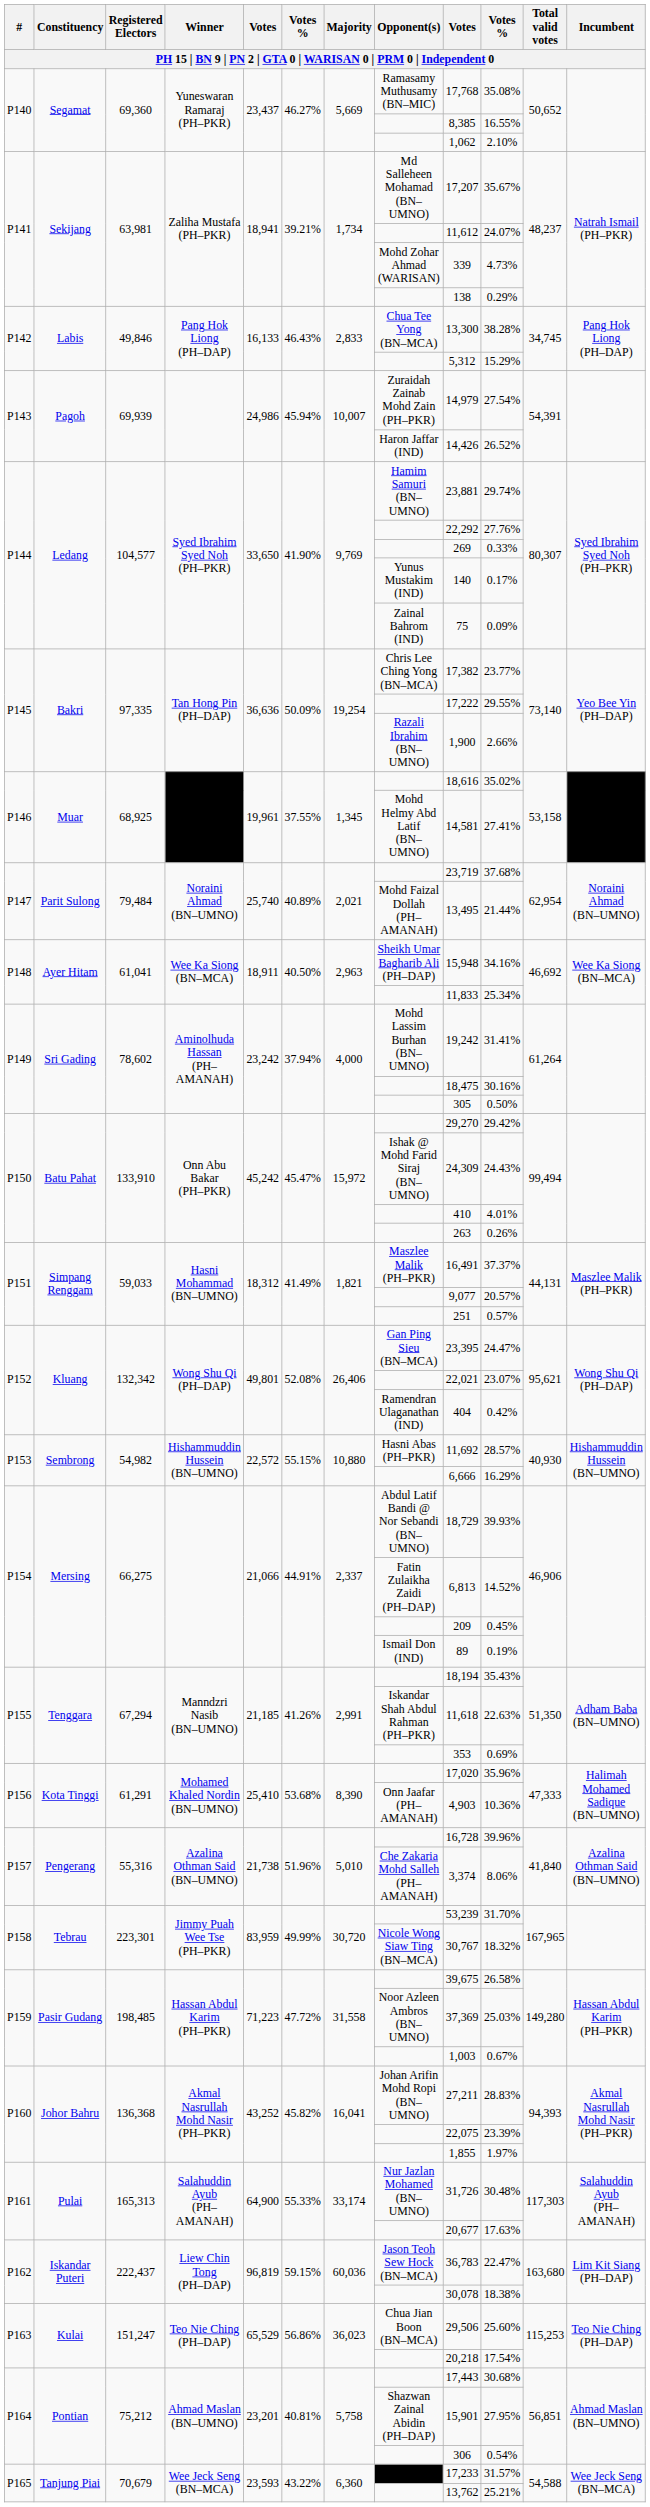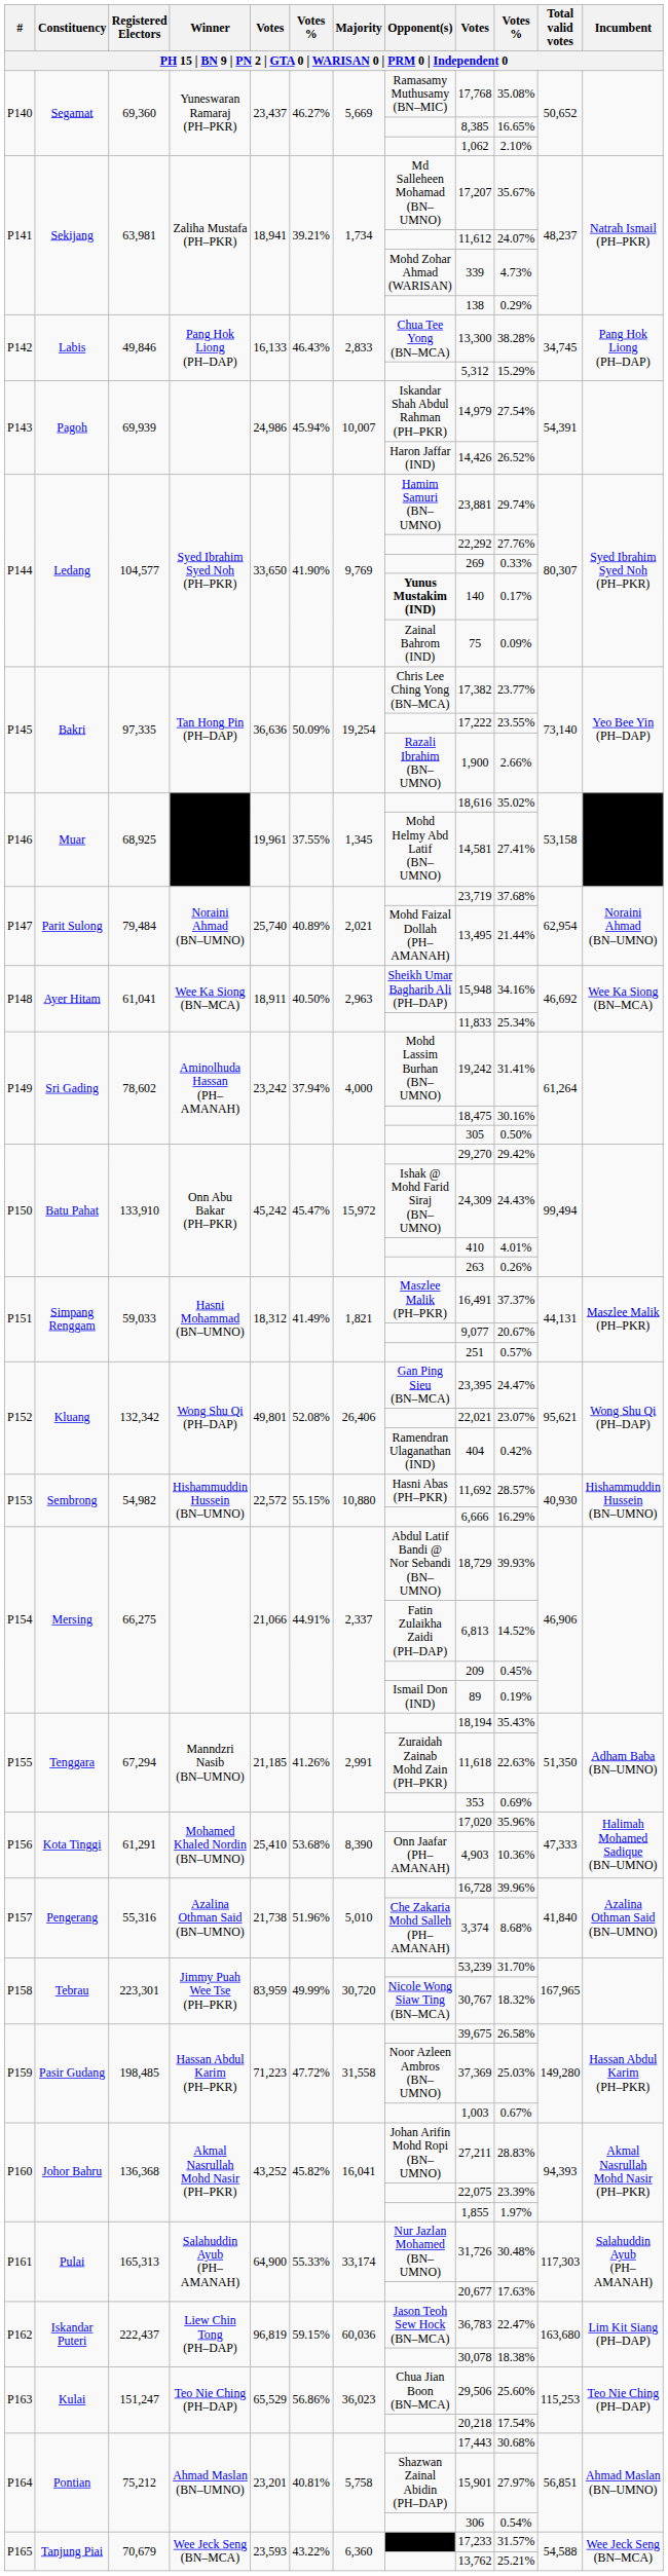 <table class="wikitable sortable" style">
 <tr>
 <th>#</th>
 <th>Constituency</th>
 <th>Registered Electors</th>
 <th>Winner</th>
 <th>Votes</th>
 <th>Votes %</th>
 <th>Majority</th>
 <th>Opponent(s)</th>
 <th>Votes</th>
 <th>Votes %</th>
 <th>Total valid votes</th>
 <th>Incumbent</th>
 </tr>
 <tr>
 <th colspan="13"><a href='#'>PH</a> <strong>15</strong> | <a href='#'>BN</a> <strong>9</strong>  | <a href='#'>PN</a> <strong>2</strong>  | <a href='#'>GTA</a> <strong>0</strong>  | <a href='#'>WARISAN</a> <strong>0</strong> |  <a href='#'>PRM</a> <strong>0</strong>  | <a href='#'>Independent</a> <strong>0</strong></th>
 </tr>
 <tr align="center">
 <td rowspan=3>P140</td>
 <td rowspan=3><a href='#'>Segamat</a></td>
 <td rowspan=3>69,360</td>
 <td rowspan=3>Yuneswaran Ramaraj<br>(PH–PKR)</td>
 <td rowspan=3>23,437</td>
 <td rowspan=3>46.27%</td>
 <td rowspan=3>5,669</td>
 <td>Ramasamy Muthusamy<br>(BN–MIC)</td>
 <td>17,768</td>
 <td>35.08%</td>
 <td rowspan=3>50,652</td>
 <td rowspan=3><br></td>
 </tr>
 <tr align="center">
 <td></td>
 <td>8,385</td>
-<td>16.55%</td>
+<td>16.65%</td>
 </tr>
 <tr align="center">
 <td></td>
 <td>1,062</td>
 <td>2.10%</td>
 </tr>
 <tr align="center">
 <td rowspan=4>P141</td>
 <td rowspan=4><a href='#'>Sekijang</a></td>
 <td rowspan=4>63,981</td>
 <td rowspan=4>Zaliha Mustafa<br>(PH–PKR)</td>
 <td rowspan=4>18,941</td>
 <td rowspan=4>39.21%</td>
 <td rowspan=4>1,734</td>
 <td>Md Salleheen Mohamad<br>(BN–UMNO)</td>
 <td>17,207</td>
 <td>35.67%</td>
 <td rowspan=4>48,237</td>
 <td rowspan=4><a href='#'>Natrah Ismail</a><br>(PH–PKR)</td>
 </tr>
 <tr align="center">
 <td></td>
 <td>11,612</td>
 <td>24.07%</td>
 </tr>
 <tr align="center">
 <td>Mohd Zohar Ahmad<br>(WARISAN)</td>
 <td>339</td>
 <td>4.73%</td>
 </tr>
 <tr align="center">
 <td></td>
 <td>138</td>
 <td>0.29%</td>
 </tr>
 <tr align="center">
 <td rowspan=2>P142</td>
 <td rowspan=2><a href='#'>Labis</a></td>
 <td rowspan=2>49,846</td>
 <td rowspan=2><a href='#'>Pang Hok Liong</a><br>(PH–DAP)</td>
 <td rowspan=2>16,133</td>
 <td rowspan=2>46.43%</td>
 <td rowspan=2>2,833</td>
 <td><a href='#'>Chua Tee Yong</a><br>(BN–MCA)</td>
 <td>13,300</td>
 <td>38.28%</td>
 <td rowspan=2>34,745</td>
 <td rowspan=2><a href='#'>Pang Hok Liong</a><br>(PH–DAP)</td>
 </tr>
 <tr align="center">
 <td></td>
 <td>5,312</td>
 <td>15.29%</td>
 </tr>
 <tr align="center">
 <td rowspan=2>P143</td>
 <td rowspan=2><a href='#'>Pagoh</a></td>
 <td rowspan=2>69,939</td>
 <td rowspan=2><br></td>
 <td rowspan=2>24,986</td>
 <td rowspan=2>45.94%</td>
 <td rowspan=2>10,007</td>
-<td>Zuraidah Zainab Mohd Zain<br>(PH–PKR)</td>
+<td>Iskandar Shah Abdul Rahman<br>(PH–PKR)</td>
 <td>14,979</td>
 <td>27.54%</td>
 <td rowspan=2>54,391</td>
 <td rowspan=2><br></td>
 </tr>
 <tr align="center">
 <td>Haron Jaffar<br>(IND)</td>
 <td>14,426</td>
 <td>26.52%</td>
 </tr>
 <tr align="center">
 <td rowspan=5>P144</td>
 <td rowspan=5><a href='#'>Ledang</a></td>
 <td rowspan=5>104,577</td>
 <td rowspan=5><a href='#'>Syed Ibrahim Syed Noh</a><br>(PH–PKR)</td>
 <td rowspan=5>33,650</td>
 <td rowspan=5>41.90%</td>
 <td rowspan=5>9,769</td>
 <td><a href='#'>Hamim Samuri</a><br>(BN–UMNO)</td>
 <td>23,881</td>
 <td>29.74%</td>
 <td rowspan=5>80,307</td>
 <td rowspan=5><a href='#'>Syed Ibrahim Syed Noh</a><br>(PH–PKR)</td>
 </tr>
 <tr align="center">
 <td></td>
 <td>22,292</td>
 <td>27.76%</td>
 </tr>
 <tr align="center">
 <td></td>
 <td>269</td>
 <td>0.33%</td>
 </tr>
 <tr align="center">
-<td>Yunus Mustakim<br>(IND)</td>
+<td><strong>Yunus Mustakim<br>(IND)</strong></td>
 <td>140</td>
 <td>0.17%</td>
 </tr>
 <tr align="center">
 <td>Zainal Bahrom<br>(IND)</td>
 <td>75</td>
 <td>0.09%</td>
 </tr>
 <tr align="center">
 <td rowspan=3>P145</td>
 <td rowspan=3><a href='#'>Bakri</a></td>
 <td rowspan=3>97,335</td>
 <td rowspan=3><a href='#'>Tan Hong Pin</a><br>(PH–DAP)</td>
 <td rowspan=3>36,636</td>
 <td rowspan=3>50.09%</td>
 <td rowspan=3>19,254</td>
 <td>Chris Lee Ching Yong<br>(BN–MCA)</td>
 <td>17,382</td>
 <td>23.77%</td>
 <td rowspan=3>73,140</td>
 <td rowspan=3><a href='#'>Yeo Bee Yin</a><br>(PH–DAP)</td>
 </tr>
 <tr align="center">
 <td></td>
 <td>17,222</td>
-<td>29.55%</td>
+<td>23.55%</td>
 </tr>
 <tr align="center">
 <td><a href='#'>Razali Ibrahim</a> <br>(BN–UMNO)</td>
 <td>1,900</td>
 <td>2.66%</td>
 </tr>
 <tr align="center">
 <td rowspan=2>P146</td>
 <td rowspan=2><a href='#'>Muar</a></td>
 <td rowspan=2>68,925</td>
 <td rowspan=2 bgcolor=black><br></td>
 <td rowspan=2>19,961</td>
 <td rowspan=2>37.55%</td>
 <td rowspan=2>1,345</td>
 <td></td>
 <td>18,616</td>
 <td>35.02%</td>
 <td rowspan=2>53,158</td>
 <td rowspan=2 bgcolor=black></td>
 </tr>
 <tr align="center">
 <td>Mohd Helmy Abd Latif<br>(BN–UMNO)</td>
 <td>14,581</td>
 <td>27.41%</td>
 </tr>
 <tr align="center">
 <td rowspan=2>P147</td>
 <td rowspan=2><a href='#'>Parit Sulong</a></td>
 <td rowspan=2>79,484</td>
 <td rowspan=2><a href='#'>Noraini Ahmad</a><br>(BN–UMNO)</td>
 <td rowspan=2>25,740</td>
 <td rowspan=2>40.89%</td>
 <td rowspan=2>2,021</td>
 <td></td>
 <td>23,719</td>
 <td>37.68%</td>
 <td rowspan=2>62,954</td>
 <td rowspan=2><a href='#'>Noraini Ahmad</a><br>(BN–UMNO)</td>
 </tr>
 <tr align="center">
 <td>Mohd Faizal Dollah<br>(PH–AMANAH)</td>
 <td>13,495</td>
 <td>21.44%</td>
 </tr>
 <tr align="center">
 <td rowspan=2>P148</td>
 <td rowspan=2><a href='#'>Ayer Hitam</a></td>
 <td rowspan=2>61,041</td>
 <td rowspan=2><a href='#'>Wee Ka Siong</a> <br>(BN–MCA)</td>
 <td rowspan=2>18,911</td>
 <td rowspan=2>40.50%</td>
 <td rowspan=2>2,963</td>
 <td><a href='#'>Sheikh Umar Bagharib Ali</a><br>(PH–DAP)</td>
 <td>15,948</td>
 <td>34.16%</td>
 <td rowspan=2>46,692</td>
 <td rowspan=2><a href='#'>Wee Ka Siong</a> <br>(BN–MCA)</td>
 </tr>
 <tr align="center">
 <td></td>
 <td>11,833</td>
 <td>25.34%</td>
 </tr>
 <tr align="center">
 <td rowspan=3>P149</td>
 <td rowspan=3><a href='#'>Sri Gading</a></td>
 <td rowspan=3>78,602</td>
 <td rowspan=3><a href='#'>Aminolhuda Hassan</a><br>(PH–AMANAH)</td>
 <td rowspan=3>23,242</td>
 <td rowspan=3>37.94%</td>
 <td rowspan=3>4,000</td>
 <td>Mohd Lassim Burhan<br>(BN–UMNO)</td>
 <td>19,242</td>
 <td>31.41%</td>
 <td rowspan=3>61,264</td>
 <td rowspan=3></td>
 </tr>
 <tr align="center">
 <td></td>
 <td>18,475</td>
 <td>30.16%</td>
 </tr>
 <tr align="center">
 <td></td>
 <td>305</td>
 <td>0.50%</td>
 </tr>
 <tr align="center">
 <td rowspan=4>P150</td>
 <td rowspan=4><a href='#'>Batu Pahat</a></td>
 <td rowspan=4>133,910</td>
 <td rowspan=4>Onn Abu Bakar<br>(PH–PKR)</td>
 <td rowspan=4>45,242</td>
 <td rowspan=4>45.47%</td>
 <td rowspan=4>15,972</td>
 <td><br></td>
 <td>29,270</td>
 <td>29.42%</td>
 <td rowspan=4>99,494</td>
 <td rowspan=4><br></td>
 </tr>
 <tr align="center">
 <td>Ishak @ Mohd Farid Siraj<br>(BN–UMNO)</td>
 <td>24,309</td>
 <td>24.43%</td>
 </tr>
 <tr align="center">
 <td></td>
 <td>410</td>
 <td>4.01%</td>
 </tr>
 <tr align="center">
 <td></td>
 <td>263</td>
 <td>0.26%</td>
 </tr>
 <tr align="center">
 <td rowspan=3>P151</td>
 <td rowspan=3><a href='#'>Simpang Renggam</a></td>
 <td rowspan=3>59,033</td>
 <td rowspan=3><a href='#'>Hasni Mohammad</a><br>(BN–UMNO)</td>
 <td rowspan=3>18,312</td>
 <td rowspan=3>41.49%</td>
 <td rowspan=3>1,821</td>
 <td><a href='#'>Maszlee Malik</a><br>(PH–PKR)</td>
 <td>16,491</td>
 <td>37.37%</td>
 <td rowspan=3>44,131</td>
 <td rowspan=3><a href='#'>Maszlee Malik</a><br>(PH–PKR)</td>
 </tr>
 <tr align="center">
 <td></td>
 <td>9,077</td>
-<td>20.57%</td>
+<td>20.67%</td>
 </tr>
 <tr align="center">
 <td></td>
 <td>251</td>
 <td>0.57%</td>
 </tr>
 <tr align="center">
 <td rowspan=3>P152</td>
 <td rowspan=3><a href='#'>Kluang</a></td>
 <td rowspan=3>132,342</td>
 <td rowspan=3><a href='#'>Wong Shu Qi</a><br>(PH–DAP)</td>
 <td rowspan=3>49,801</td>
 <td rowspan=3>52.08%</td>
 <td rowspan=3>26,406</td>
 <td><a href='#'>Gan Ping Sieu</a><br>(BN–MCA)</td>
 <td>23,395</td>
 <td>24.47%</td>
 <td rowspan=3>95,621</td>
 <td rowspan=3><a href='#'>Wong Shu Qi</a><br>(PH–DAP)</td>
 </tr>
 <tr align="center">
 <td></td>
 <td>22,021</td>
 <td>23.07%</td>
 </tr>
 <tr align="center">
 <td>Ramendran Ulaganathan<br>(IND)</td>
 <td>404</td>
 <td>0.42%</td>
 </tr>
 <tr align="center">
 <td rowspan=2>P153</td>
 <td rowspan=2><a href='#'>Sembrong</a></td>
 <td rowspan=2>54,982</td>
 <td rowspan=2><a href='#'>Hishammuddin Hussein</a> <br>(BN–UMNO)</td>
 <td rowspan=2>22,572</td>
 <td rowspan=2>55.15%</td>
 <td rowspan=2>10,880</td>
 <td>Hasni Abas<br>(PH–PKR)</td>
 <td>11,692</td>
 <td>28.57%</td>
 <td rowspan=2>40,930</td>
 <td rowspan=2><a href='#'>Hishammuddin Hussein</a> <br>(BN–UMNO)</td>
 </tr>
 <tr align="center">
 <td></td>
 <td>6,666</td>
 <td>16.29%</td>
 </tr>
 <tr align="center">
 <td rowspan=4>P154</td>
 <td rowspan=4><a href='#'>Mersing</a></td>
 <td rowspan=4>66,275</td>
 <td rowspan=4></td>
 <td rowspan=4>21,066</td>
 <td rowspan=4>44.91%</td>
 <td rowspan=4>2,337</td>
 <td>Abdul Latif Bandi @ Nor Sebandi<br>(BN–UMNO)</td>
 <td>18,729</td>
 <td>39.93%</td>
 <td rowspan=4>46,906</td>
 <td rowspan=4><br></td>
 </tr>
 <tr align="center">
 <td>Fatin Zulaikha Zaidi<br>(PH–DAP)</td>
 <td>6,813</td>
 <td>14.52%</td>
 </tr>
 <tr align="center">
 <td></td>
 <td>209</td>
 <td>0.45%</td>
 </tr>
 <tr align="center">
 <td>Ismail Don<br>(IND)</td>
 <td>89</td>
 <td>0.19%</td>
 </tr>
 <tr align="center">
 <td rowspan=3>P155</td>
 <td rowspan=3><a href='#'>Tenggara</a></td>
 <td rowspan=3>67,294</td>
 <td rowspan=3>Manndzri Nasib<br>(BN–UMNO)</td>
 <td rowspan=3>21,185</td>
 <td rowspan=3>41.26%</td>
 <td rowspan=3>2,991</td>
 <td></td>
 <td>18,194</td>
 <td>35.43%</td>
 <td rowspan=3>51,350</td>
 <td rowspan=3><a href='#'>Adham Baba</a><br>(BN–UMNO)</td>
 </tr>
 <tr align="center">
-<td>Iskandar Shah Abdul Rahman<br>(PH–PKR)</td>
+<td>Zuraidah Zainab Mohd Zain<br>(PH–PKR)</td>
 <td>11,618</td>
 <td>22.63%</td>
 </tr>
 <tr align="center">
 <td></td>
 <td>353</td>
 <td>0.69%</td>
 </tr>
 <tr align="center">
 <td rowspan=2>P156</td>
 <td rowspan=2><a href='#'>Kota Tinggi</a></td>
 <td rowspan=2>61,291</td>
 <td rowspan=2><a href='#'>Mohamed Khaled Nordin</a><br>(BN–UMNO)</td>
 <td rowspan=2>25,410</td>
 <td rowspan=2>53.68%</td>
 <td rowspan=2>8,390</td>
 <td></td>
 <td>17,020</td>
 <td>35.96%</td>
 <td rowspan=2>47,333</td>
 <td rowspan=2><a href='#'>Halimah Mohamed Sadique</a><br>(BN–UMNO)</td>
 </tr>
 <tr align="center">
 <td>Onn Jaafar<br>(PH–AMANAH)</td>
 <td>4,903</td>
 <td>10.36%</td>
 </tr>
 <tr align="center">
 <td rowspan=2>P157</td>
 <td rowspan=2><a href='#'>Pengerang</a></td>
 <td rowspan=2>55,316</td>
 <td rowspan=2><a href='#'>Azalina Othman Said</a><br>(BN–UMNO)</td>
 <td rowspan=2>21,738</td>
 <td rowspan=2>51.96%</td>
 <td rowspan=2>5,010</td>
 <td></td>
 <td>16,728</td>
 <td>39.96%</td>
 <td rowspan=2>41,840</td>
 <td rowspan=2><a href='#'>Azalina Othman Said</a><br>(BN–UMNO)</td>
 </tr>
 <tr align="center">
 <td><a href='#'>Che Zakaria Mohd Salleh</a><br>(PH–AMANAH)</td>
 <td>3,374</td>
-<td>8.06%</td>
+<td>8.68%</td>
 </tr>
 <tr align="center">
 <td rowspan=2>P158</td>
 <td rowspan=2><a href='#'>Tebrau</a></td>
 <td rowspan=2>223,301</td>
 <td rowspan=2><a href='#'>Jimmy Puah Wee Tse</a><br>(PH–PKR)</td>
 <td rowspan=2>83,959</td>
 <td rowspan=2>49.99%</td>
 <td rowspan=2>30,720</td>
 <td></td>
 <td>53,239</td>
 <td>31.70%</td>
 <td rowspan=2>167,965</td>
 <td rowspan=2><br></td>
 </tr>
 <tr align="center">
 <td><a href='#'>Nicole Wong Siaw Ting</a> <br>(BN–MCA)</td>
 <td>30,767</td>
 <td>18.32%</td>
 </tr>
 <tr align="center">
 <td rowspan=3>P159</td>
 <td rowspan=3><a href='#'>Pasir Gudang</a></td>
 <td rowspan=3>198,485</td>
 <td rowspan=3><a href='#'>Hassan Abdul Karim</a><br>(PH–PKR)</td>
 <td rowspan=3>71,223</td>
 <td rowspan=3>47.72%</td>
 <td rowspan=3>31,558</td>
 <td></td>
 <td>39,675</td>
 <td>26.58%</td>
 <td rowspan=3>149,280</td>
 <td rowspan=3><a href='#'>Hassan Abdul Karim</a><br>(PH–PKR)</td>
 </tr>
 <tr align="center">
 <td>Noor Azleen Ambros<br>(BN–UMNO)</td>
 <td>37,369</td>
 <td>25.03%</td>
 </tr>
 <tr align="center">
 <td></td>
 <td>1,003</td>
 <td>0.67%</td>
 </tr>
 <tr align="center">
 <td rowspan=3>P160</td>
 <td rowspan=3><a href='#'>Johor Bahru</a></td>
 <td rowspan=3>136,368</td>
 <td rowspan=3><a href='#'>Akmal Nasrullah Mohd Nasir</a><br>(PH–PKR)</td>
 <td rowspan=3>43,252</td>
 <td rowspan=3>45.82%</td>
 <td rowspan=3>16,041</td>
 <td>Johan Arifin Mohd Ropi<br>(BN–UMNO)</td>
 <td>27,211</td>
 <td>28.83%</td>
 <td rowspan=3>94,393</td>
 <td rowspan=3><a href='#'>Akmal Nasrullah Mohd Nasir</a><br>(PH–PKR)</td>
 </tr>
 <tr align="center">
 <td></td>
 <td>22,075</td>
 <td>23.39%</td>
 </tr>
 <tr align="center">
 <td></td>
 <td>1,855</td>
 <td>1.97%</td>
 </tr>
 <tr align="center">
 <td rowspan=2>P161</td>
 <td rowspan=2><a href='#'>Pulai</a></td>
 <td rowspan=2>165,313</td>
 <td rowspan=2><a href='#'>Salahuddin Ayub</a><br>(PH–AMANAH)</td>
 <td rowspan=2>64,900</td>
 <td rowspan=2>55.33%</td>
 <td rowspan=2>33,174</td>
 <td><a href='#'>Nur Jazlan Mohamed</a><br>(BN–UMNO)</td>
 <td>31,726</td>
 <td>30.48%</td>
 <td rowspan=2>117,303</td>
 <td rowspan=2><a href='#'>Salahuddin Ayub</a><br>(PH–AMANAH)</td>
 </tr>
 <tr align="center">
 <td></td>
 <td>20,677</td>
 <td>17.63%</td>
 </tr>
 <tr align="center">
 <td rowspan=2>P162</td>
 <td rowspan=2><a href='#'>Iskandar Puteri</a></td>
 <td rowspan=2>222,437</td>
 <td rowspan=2><a href='#'>Liew Chin Tong</a><br>(PH–DAP)</td>
 <td rowspan=2>96,819</td>
 <td rowspan=2>59.15%</td>
 <td rowspan=2>60,036</td>
 <td><a href='#'>Jason Teoh Sew Hock</a><br>(BN–MCA)</td>
 <td>36,783</td>
 <td>22.47%</td>
 <td rowspan=2>163,680</td>
 <td rowspan=2><a href='#'>Lim Kit Siang</a><br>(PH–DAP)</td>
 </tr>
 <tr align="center">
 <td></td>
 <td>30,078</td>
 <td>18.38%</td>
 </tr>
 <tr align="center">
 <td rowspan=2>P163</td>
 <td rowspan=2><a href='#'>Kulai</a></td>
 <td rowspan=2>151,247</td>
 <td rowspan=2><a href='#'>Teo Nie Ching</a><br>(PH–DAP)</td>
 <td rowspan=2>65,529</td>
 <td rowspan=2>56.86%</td>
 <td rowspan=2>36,023</td>
 <td>Chua Jian Boon <br>(BN–MCA)</td>
 <td>29,506</td>
 <td>25.60%</td>
 <td rowspan=2>115,253</td>
 <td rowspan=2><a href='#'>Teo Nie Ching</a><br>(PH–DAP)</td>
 </tr>
 <tr align="center">
 <td></td>
 <td>20,218</td>
 <td>17.54%</td>
 </tr>
 <tr align="center">
 <td rowspan=3>P164</td>
 <td rowspan=3><a href='#'>Pontian</a></td>
 <td rowspan=3>75,212</td>
 <td rowspan=3><a href='#'>Ahmad Maslan</a><br>(BN–UMNO)</td>
 <td rowspan=3>23,201</td>
 <td rowspan=3>40.81%</td>
 <td rowspan=3>5,758</td>
 <td></td>
 <td>17,443</td>
 <td>30.68%</td>
 <td rowspan=3>56,851</td>
 <td rowspan=3><a href='#'>Ahmad Maslan</a><br>(BN–UMNO)</td>
 </tr>
 <tr align="center">
 <td>Shazwan Zainal Abidin<br>(PH–DAP)</td>
 <td>15,901</td>
-<td>27.95%</td>
+<td>27.97%</td>
 </tr>
 <tr align="center">
 <td></td>
 <td>306</td>
 <td>0.54%</td>
 </tr>
 <tr align="center">
 <td rowspan=2>P165</td>
 <td rowspan=2><a href='#'>Tanjung Piai</a></td>
 <td rowspan=2>70,679</td>
 <td rowspan=2><a href='#'>Wee Jeck Seng</a><br>(BN–MCA)</td>
 <td rowspan=2>23,593</td>
 <td rowspan=2>43.22%</td>
 <td rowspan=2>6,360</td>
 <td bgcolor=black></td>
 <td>17,233</td>
 <td>31.57%</td>
 <td rowspan=2>54,588</td>
 <td rowspan=2><a href='#'>Wee Jeck Seng</a><br>(BN–MCA)</td>
 </tr>
 <tr align="center">
 <td></td>
 <td>13,762</td>
 <td>25.21%</td>
 </tr>
 </table>
